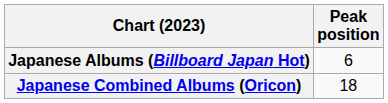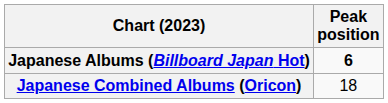 <table class="wikitable sortable plainrowheaders" style="text-align:center">
 <tr>
 <th scope="col">Chart (2023)</th>
 <th scope="col">Peak<br>position</th>
 </tr>
 <tr s>
 <th scope="row">Japanese Albums (<a href='#'><em>Billboard Japan</em> Hot</a>)</th>
-<td>6</td>
+<td><strong>6</strong></td>
 </tr>
 <tr>
 <th scope="row"><a href='#'>Japanese Combined Albums</a> (<a href='#'>Oricon</a>)</th>
 <td>18</td>
 </tr>
 </table>
